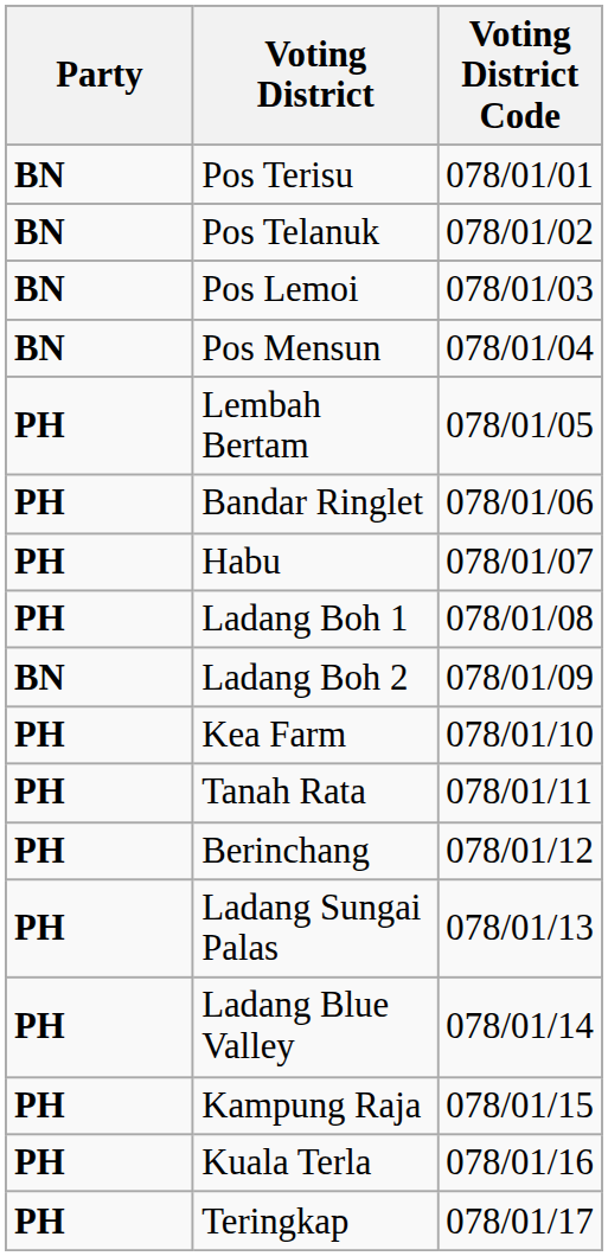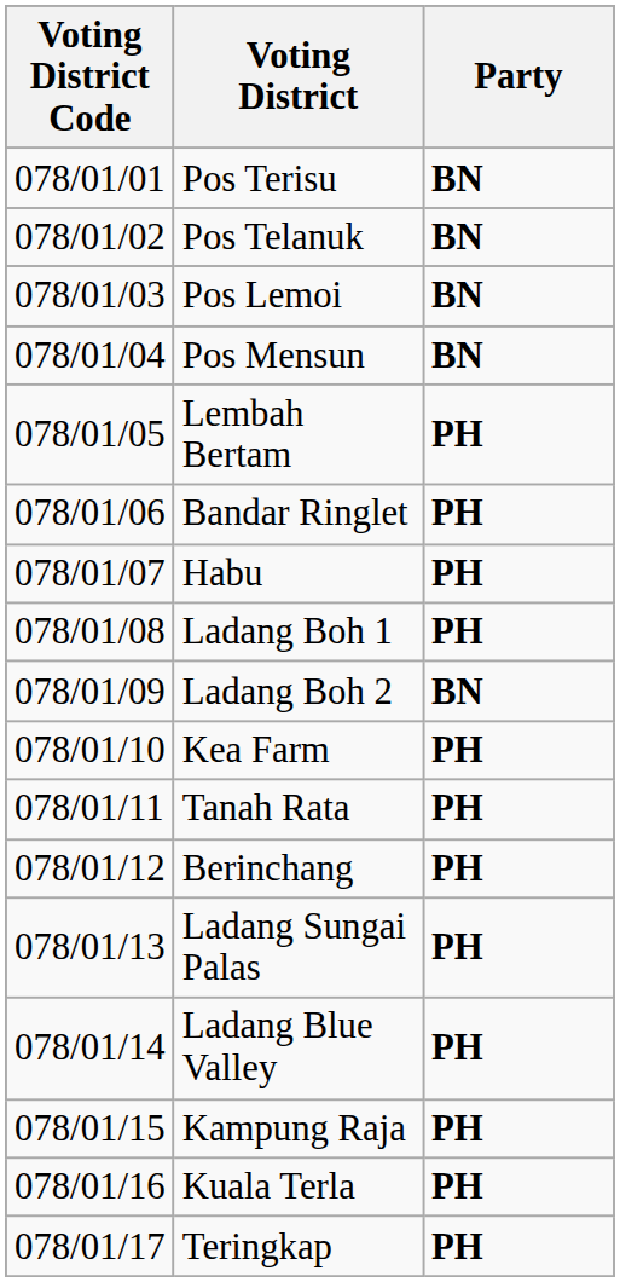 <table class ="wikitable sortable">
 <tr>
+<th style="width:30px;">Voting District Code</th>
+<th style="width:100px;">Voting District</th>
 <th style="width:75px;">Party</th>
-<th style="width:100px;">Voting District</th>
-<th style="width:30px;">Voting District Code</th>
 </tr>
 <tr>
+<td>078/01/01</td>
+<td>Pos Terisu</td>
 <td><strong>BN</strong></td>
-<td>Pos Terisu</td>
-<td>078/01/01</td>
 </tr>
 <tr>
+<td>078/01/02</td>
+<td>Pos Telanuk</td>
 <td><strong>BN</strong></td>
-<td>Pos Telanuk</td>
-<td>078/01/02</td>
 </tr>
 <tr>
+<td>078/01/03</td>
+<td>Pos Lemoi</td>
 <td><strong>BN</strong></td>
-<td>Pos Lemoi</td>
-<td>078/01/03</td>
 </tr>
 <tr>
+<td>078/01/04</td>
+<td>Pos Mensun</td>
 <td><strong>BN</strong></td>
-<td>Pos Mensun</td>
-<td>078/01/04</td>
 </tr>
 <tr>
+<td>078/01/05</td>
+<td>Lembah Bertam</td>
 <td><strong>PH</strong></td>
-<td>Lembah Bertam</td>
-<td>078/01/05</td>
 </tr>
 <tr>
+<td>078/01/06</td>
+<td>Bandar Ringlet</td>
 <td><strong>PH</strong></td>
-<td>Bandar Ringlet</td>
-<td>078/01/06</td>
 </tr>
 <tr>
+<td>078/01/07</td>
+<td>Habu</td>
 <td><strong>PH</strong></td>
-<td>Habu</td>
-<td>078/01/07</td>
 </tr>
 <tr>
+<td>078/01/08</td>
+<td>Ladang Boh 1</td>
 <td><strong>PH</strong></td>
-<td>Ladang Boh 1</td>
-<td>078/01/08</td>
 </tr>
 <tr>
+<td>078/01/09</td>
+<td>Ladang Boh 2</td>
 <td><strong>BN</strong></td>
-<td>Ladang Boh 2</td>
-<td>078/01/09</td>
 </tr>
 <tr>
+<td>078/01/10</td>
+<td>Kea Farm</td>
 <td><strong>PH</strong></td>
-<td>Kea Farm</td>
-<td>078/01/10</td>
 </tr>
 <tr>
+<td>078/01/11</td>
+<td>Tanah Rata</td>
 <td><strong>PH</strong></td>
-<td>Tanah Rata</td>
-<td>078/01/11</td>
 </tr>
 <tr>
+<td>078/01/12</td>
+<td>Berinchang</td>
 <td><strong>PH</strong></td>
-<td>Berinchang</td>
-<td>078/01/12</td>
 </tr>
 <tr>
+<td>078/01/13</td>
+<td>Ladang Sungai Palas</td>
 <td><strong>PH</strong></td>
-<td>Ladang Sungai Palas</td>
-<td>078/01/13</td>
 </tr>
 <tr>
+<td>078/01/14</td>
+<td>Ladang Blue Valley</td>
 <td><strong>PH</strong></td>
-<td>Ladang Blue Valley</td>
-<td>078/01/14</td>
 </tr>
 <tr>
+<td>078/01/15</td>
+<td>Kampung Raja</td>
 <td><strong>PH</strong></td>
-<td>Kampung Raja</td>
-<td>078/01/15</td>
 </tr>
 <tr>
+<td>078/01/16</td>
+<td>Kuala Terla</td>
 <td><strong>PH</strong></td>
-<td>Kuala Terla</td>
-<td>078/01/16</td>
 </tr>
 <tr>
+<td>078/01/17</td>
+<td>Teringkap</td>
 <td><strong>PH</strong></td>
-<td>Teringkap</td>
-<td>078/01/17</td>
 </tr>
 </table>
